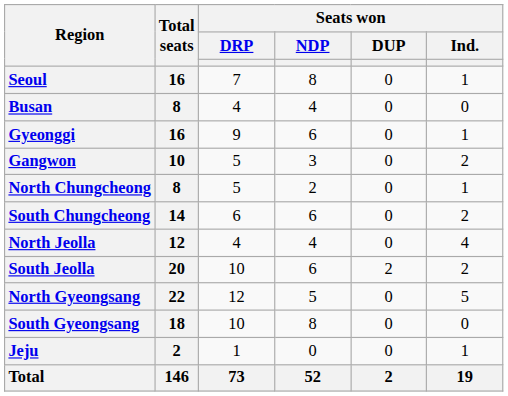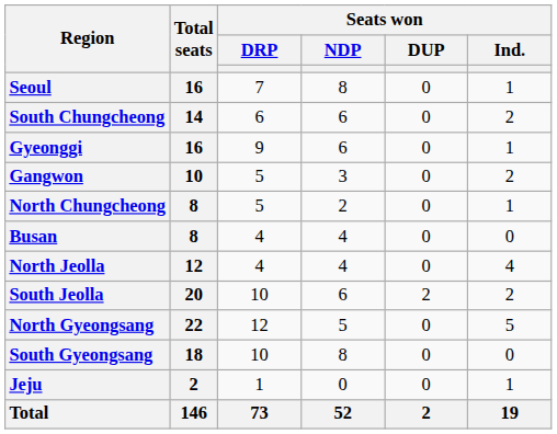 <table class="wikitable" style="text-align:center; font-size: 0.9em">
 <tr>
 <th rowspan="3">Region</th>
 <th rowspan="3">Total<br>seats</th>
 <th colspan="4">Seats won</th>
 </tr>
 <tr>
 <th class="unsortable" style="width:60px"><a href='#'>DRP</a></th>
 <th class="unsortable" style="width:60px"><a href='#'>NDP</a></th>
 <th class="unsortable" style="width:60px">DUP</th>
 <th class="unsortable" style="width:60px">Ind.</th>
 </tr>
 <tr>
 <th style="background:"></th>
 <th style="background:"></th>
 <th style="background:"></th>
 <th style="background:"></th>
 </tr>
 <tr>
 <th style="text-align: left"><a href='#'>Seoul</a></th>
 <th>16</th>
 <td>7</td>
 <td>8</td>
 <td>0</td>
 <td>1</td>
 </tr>
 <tr>
-<th style="text-align: left"><a href='#'>Busan</a></th>
-<th>8</th>
-<td>4</td>
-<td>4</td>
+<th style="text-align: left"><a href='#'>South Chungcheong</a></th>
+<th>14</th>
+<td>6</td>
+<td>6</td>
 <td>0</td>
-<td>0</td>
+<td>2</td>
 </tr>
 <tr>
 <th style="text-align: left"><a href='#'>Gyeonggi</a></th>
 <th>16</th>
 <td>9</td>
 <td>6</td>
 <td>0</td>
 <td>1</td>
 </tr>
 <tr>
 <th style="text-align: left"><a href='#'>Gangwon</a></th>
 <th>10</th>
 <td>5</td>
 <td>3</td>
 <td>0</td>
 <td>2</td>
 </tr>
 <tr>
 <th style="text-align: left"><a href='#'>North Chungcheong</a></th>
 <th>8</th>
 <td>5</td>
 <td>2</td>
 <td>0</td>
 <td>1</td>
 </tr>
 <tr>
-<th style="text-align: left"><a href='#'>South Chungcheong</a></th>
-<th>14</th>
-<td>6</td>
-<td>6</td>
+<th style="text-align: left"><a href='#'>Busan</a></th>
+<th>8</th>
+<td>4</td>
+<td>4</td>
 <td>0</td>
-<td>2</td>
+<td>0</td>
 </tr>
 <tr>
 <th style="text-align: left"><a href='#'>North Jeolla</a></th>
 <th>12</th>
 <td>4</td>
 <td>4</td>
 <td>0</td>
 <td>4</td>
 </tr>
 <tr>
 <th style="text-align: left"><a href='#'>South Jeolla</a></th>
 <th>20</th>
 <td>10</td>
 <td>6</td>
 <td>2</td>
 <td>2</td>
 </tr>
 <tr>
 <th style="text-align: left"><a href='#'>North Gyeongsang</a></th>
 <th>22</th>
 <td>12</td>
 <td>5</td>
 <td>0</td>
 <td>5</td>
 </tr>
 <tr>
 <th style="text-align: left"><a href='#'>South Gyeongsang</a></th>
 <th>18</th>
 <td>10</td>
 <td>8</td>
 <td>0</td>
 <td>0</td>
 </tr>
 <tr>
 <th style="text-align: left"><a href='#'>Jeju</a></th>
 <th>2</th>
 <td>1</td>
 <td>0</td>
 <td>0</td>
 <td>1</td>
 </tr>
 <tr class="sortbottom">
 <th style="text-align: left">Total</th>
 <th>146</th>
 <th>73</th>
 <th>52</th>
 <th>2</th>
 <th>19</th>
 </tr>
 </table>
